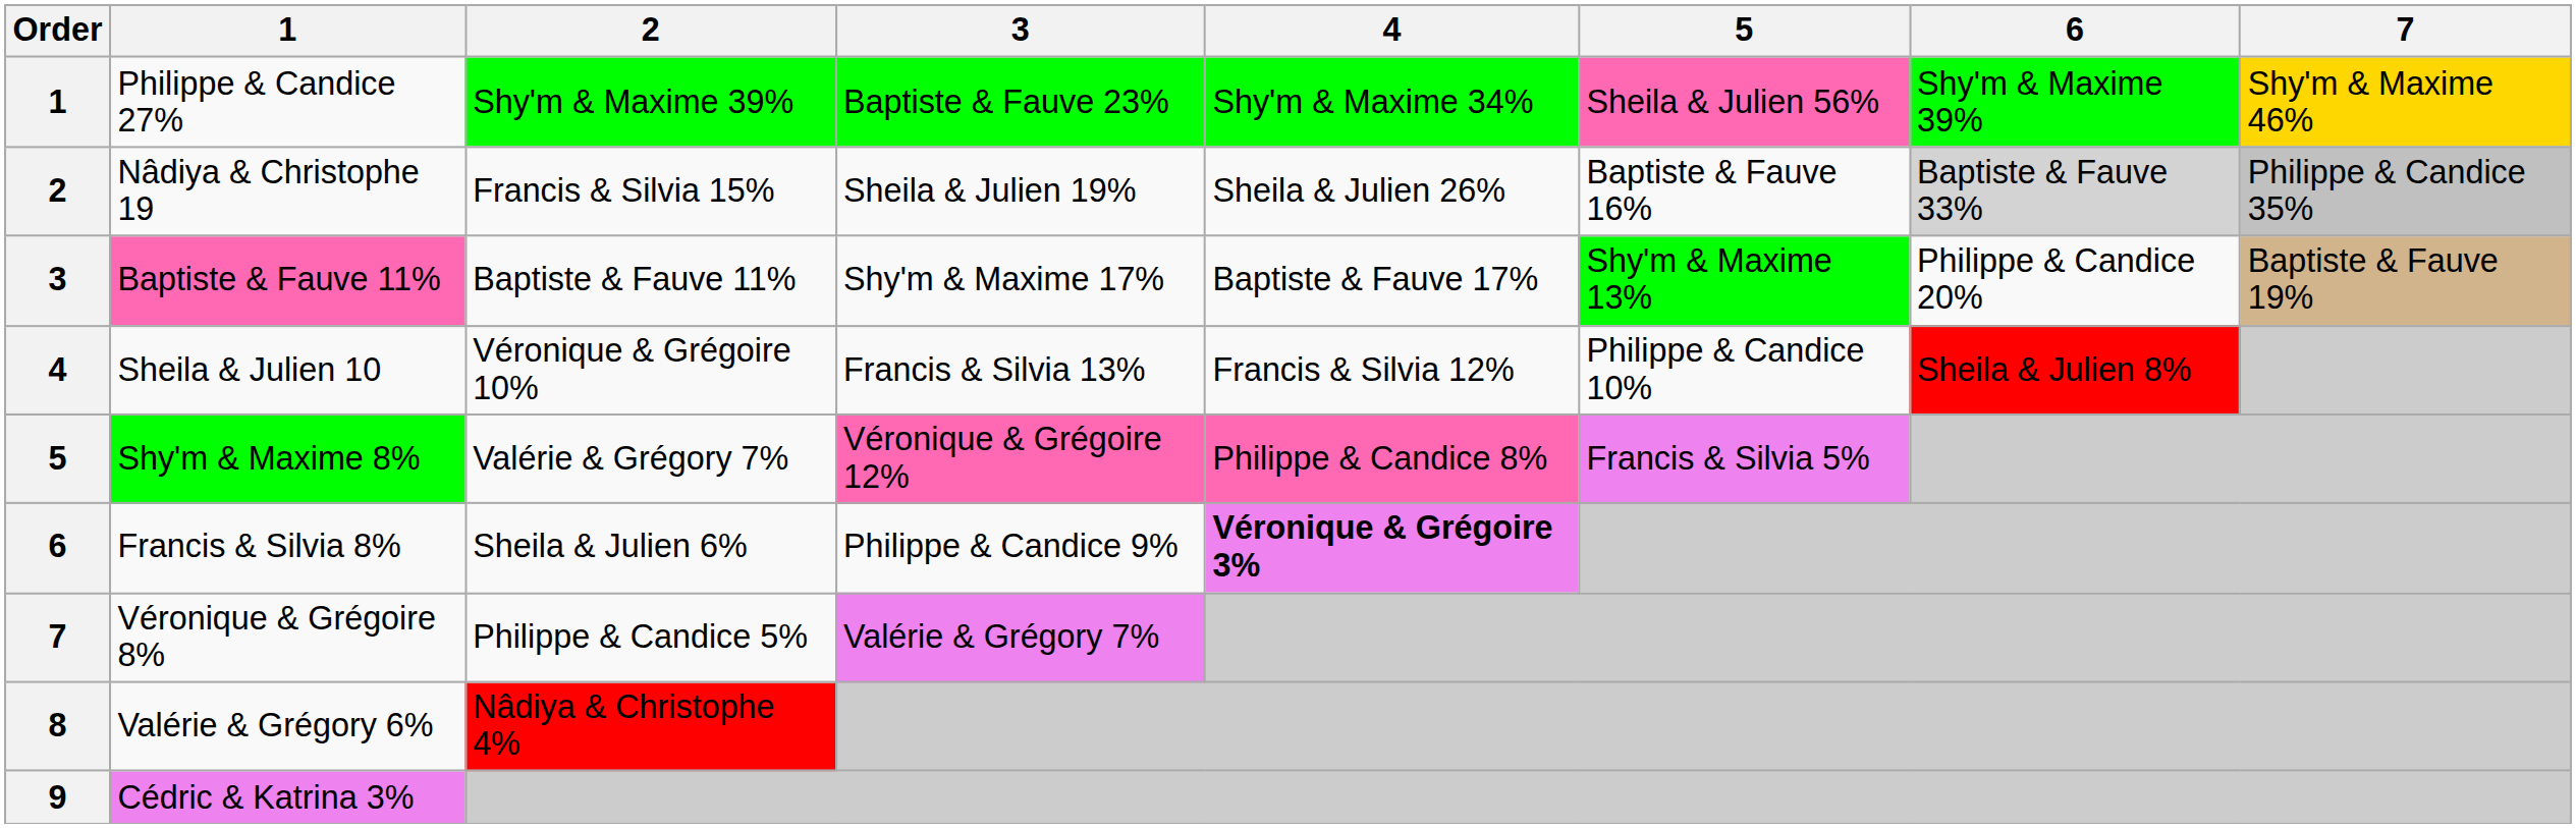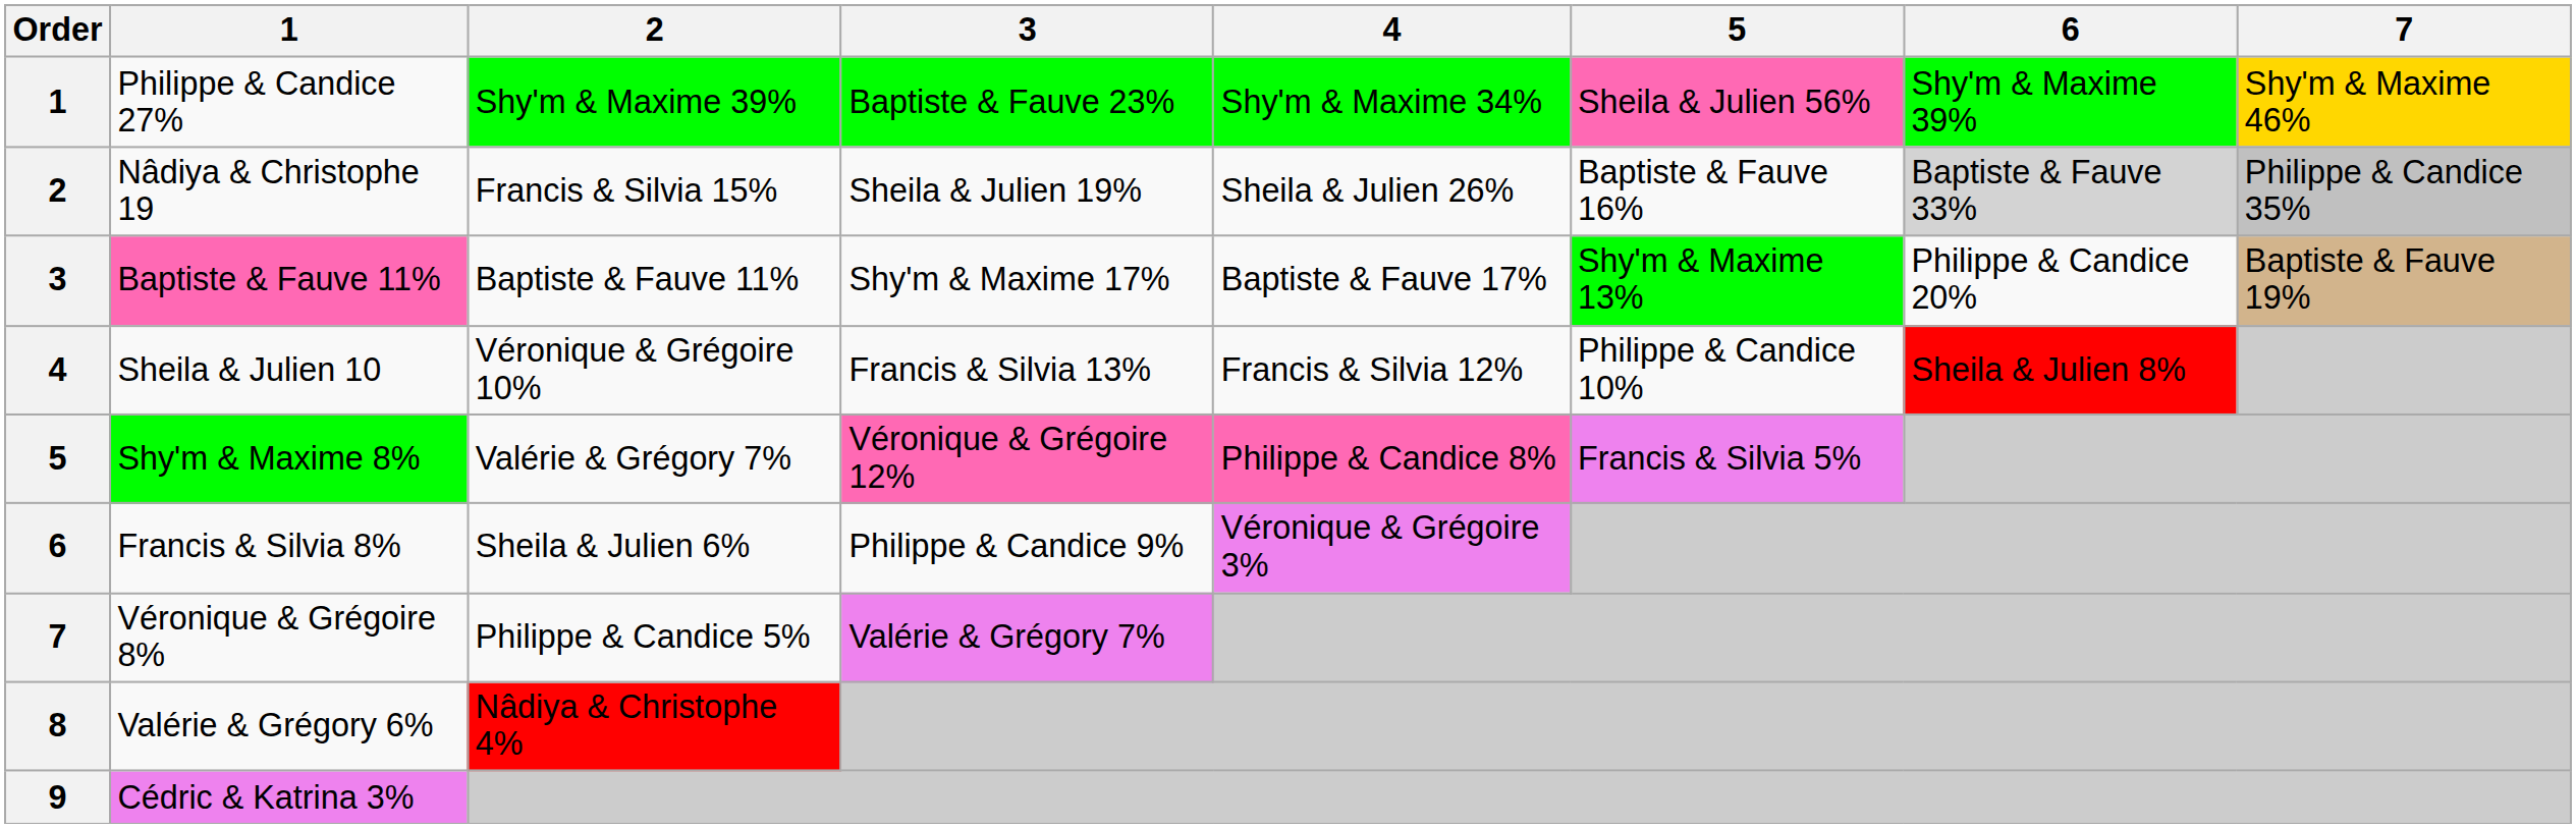 <table class="wikitable">
 <tr>
 <th>Order</th>
 <th>1</th>
 <th>2</th>
 <th>3</th>
 <th>4</th>
 <th>5</th>
 <th>6</th>
 <th>7</th>
 </tr>
 <tr>
 <th>1</th>
 <td>Philippe & Candice 27%</td>
 <td bgcolor="lime">Shy'm & Maxime 39%</td>
 <td bgcolor="lime">Baptiste & Fauve 23%</td>
 <td bgcolor="lime">Shy'm & Maxime 34%</td>
 <td bgcolor="hotpink">Sheila & Julien 56%</td>
 <td bgcolor="lime">Shy'm & Maxime 39%</td>
 <td bgcolor="gold">Shy'm & Maxime 46%</td>
 </tr>
 <tr>
 <th>2</th>
 <td>Nâdiya & Christophe 19</td>
 <td>Francis & Silvia 15%</td>
 <td>Sheila & Julien 19%</td>
 <td>Sheila & Julien 26%</td>
 <td>Baptiste & Fauve 16%</td>
 <td style="background: lightgrey;">Baptiste & Fauve 33%</td>
 <td bgcolor="silver">Philippe & Candice 35%</td>
 </tr>
 <tr>
 <th>3</th>
 <td bgcolor="hotpink">Baptiste & Fauve 11%</td>
 <td>Baptiste & Fauve 11%</td>
 <td>Shy'm & Maxime 17%</td>
 <td>Baptiste & Fauve 17%</td>
 <td bgcolor="lime">Shy'm & Maxime 13%</td>
 <td>Philippe & Candice 20%</td>
 <td bgcolor="tan">Baptiste & Fauve 19%</td>
 </tr>
 <tr>
 <th>4</th>
 <td>Sheila & Julien 10</td>
 <td>Véronique & Grégoire 10%</td>
 <td>Francis & Silvia 13%</td>
 <td>Francis & Silvia 12%</td>
 <td>Philippe & Candice 10%</td>
 <td bgcolor="red">Sheila & Julien 8%</td>
 <td bgcolor="#CCCCCC" colspan="1"></td>
 </tr>
 <tr>
 <th>5</th>
 <td bgcolor="lime">Shy'm & Maxime 8%</td>
 <td>Valérie & Grégory 7%</td>
 <td bgcolor="hotpink">Véronique & Grégoire 12%</td>
 <td bgcolor="hotpink">Philippe & Candice 8%</td>
 <td bgcolor="violet">Francis & Silvia 5%</td>
 <td bgcolor="#CCCCCC" colspan="2"></td>
 </tr>
 <tr>
 <th>6</th>
 <td>Francis & Silvia 8%</td>
 <td>Sheila & Julien 6%</td>
 <td>Philippe & Candice 9%</td>
-<td bgcolor="violet"><strong>Véronique & Grégoire 3%</strong></td>
+<td bgcolor="violet">Véronique & Grégoire 3%</td>
 <td bgcolor="#CCCCCC" colspan="3"></td>
 </tr>
 <tr>
 <th>7</th>
 <td>Véronique & Grégoire 8%</td>
 <td>Philippe & Candice 5%</td>
 <td bgcolor="violet">Valérie & Grégory 7%</td>
 <td bgcolor="#CCCCCC" colspan="4"></td>
 </tr>
 <tr>
 <th>8</th>
 <td>Valérie & Grégory 6%</td>
 <td bgcolor="red">Nâdiya & Christophe 4%</td>
 <td bgcolor="#CCCCCC" colspan="5"></td>
 </tr>
 <tr>
 <th>9</th>
 <td bgcolor="violet">Cédric & Katrina 3%</td>
 <td bgcolor="#CCCCCC" colspan="6"></td>
 </tr>
 <tr>
 </tr>
 </table>
